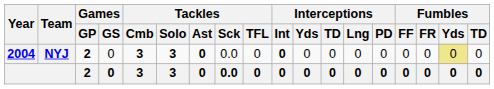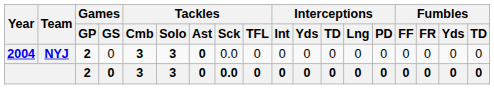 <table class="wikitable" style="text-align:center">
 <tr>
 <th rowspan="2">Year</th>
 <th rowspan="2">Team</th>
 <th colspan="2">Games</th>
 <th colspan="5">Tackles</th>
 <th colspan="5">Interceptions</th>
 <th colspan="4">Fumbles</th>
 </tr>
 <tr>
 <th>GP</th>
 <th>GS</th>
 <th>Cmb</th>
 <th>Solo</th>
 <th>Ast</th>
 <th>Sck</th>
 <th>TFL</th>
 <th>Int</th>
 <th>Yds</th>
 <th>TD</th>
 <th>Lng</th>
 <th>PD</th>
 <th>FF</th>
 <th>FR</th>
 <th>Yds</th>
 <th>TD</th>
 </tr>
 <tr>
 <th><a href='#'>2004</a></th>
 <th><a href='#'>NYJ</a></th>
 <td><strong>2</strong></td>
 <td>0</td>
 <td><strong>3</strong></td>
 <td><strong>3</strong></td>
 <td><strong>0</strong></td>
 <td>0.0</td>
 <td>0</td>
-<td><strong>0</strong></td>
 <td>0</td>
 <td>0</td>
 <td>0</td>
 <td>0</td>
 <td>0</td>
 <td>0</td>
-<td style="background: khaki;">0</td>
+<td>0</td>
+<td>0</td>
 <td>0</td>
 </tr>
 <tr>
 <th colspan="2"></th>
 <th>2</th>
 <th>0</th>
 <th>3</th>
 <th>3</th>
 <th>0</th>
 <th>0.0</th>
 <th>0</th>
 <th>0</th>
 <th>0</th>
 <th>0</th>
 <th>0</th>
 <th>0</th>
 <th>0</th>
 <th>0</th>
 <th>0</th>
 <th>0</th>
 </tr>
 </table>
